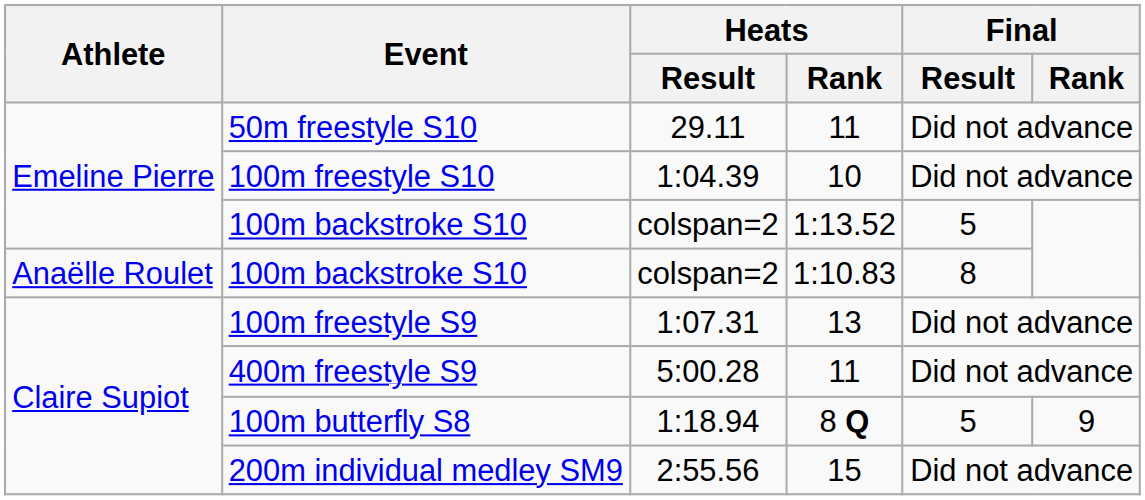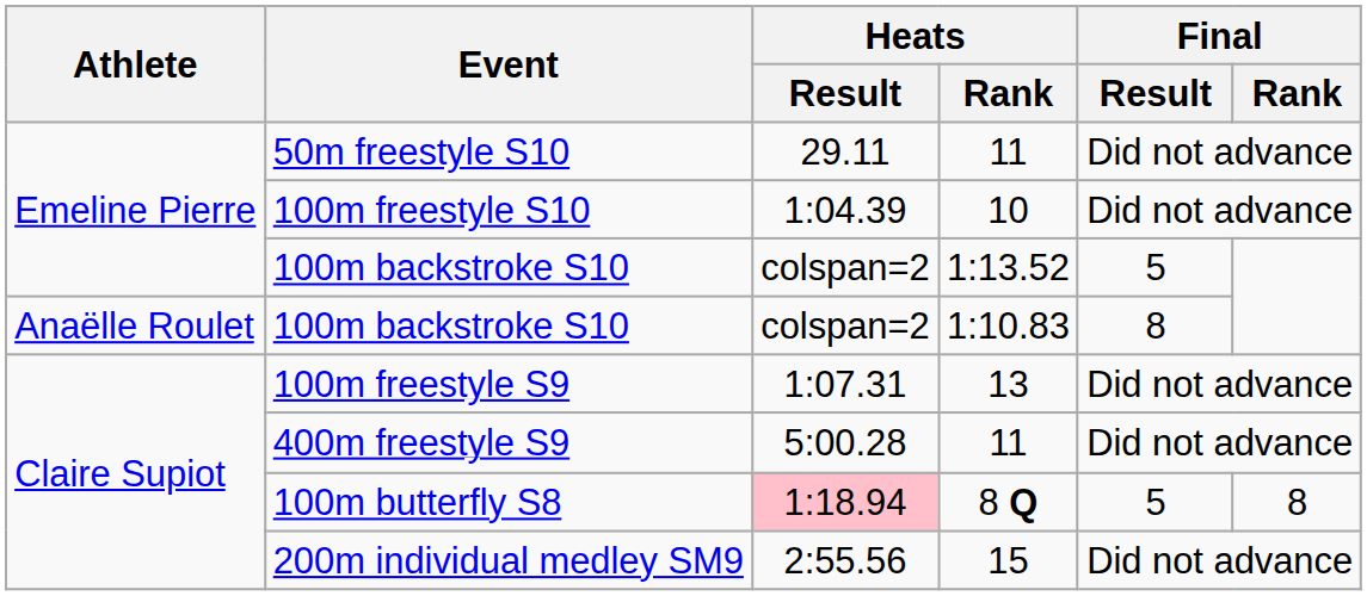 <table class=wikitable style="font-size:95%">
 <tr>
 <th rowspan="2">Athlete</th>
 <th rowspan="2">Event</th>
 <th colspan="2">Heats</th>
 <th colspan="2">Final</th>
 </tr>
 <tr>
 <th>Result</th>
 <th>Rank</th>
 <th>Result</th>
 <th>Rank</th>
 </tr>
 <tr align=center>
 <td align=left rowspan=3><a href='#'>Emeline Pierre</a></td>
 <td align=left><a href='#'>50m freestyle S10</a></td>
 <td>29.11</td>
 <td>11</td>
 <td colspan=2>Did not advance</td>
 </tr>
 <tr align=center>
 <td align=left><a href='#'>100m freestyle S10</a></td>
 <td>1:04.39</td>
 <td>10</td>
 <td colspan=2>Did not advance</td>
 </tr>
 <tr align=center>
 <td align=left><a href='#'>100m backstroke S10</a></td>
 <td>colspan=2 </td>
 <td>1:13.52</td>
 <td>5</td>
 </tr>
 <tr align=center>
 <td align=left><a href='#'>Anaëlle Roulet</a></td>
 <td align=left><a href='#'>100m backstroke S10</a></td>
 <td>colspan=2 </td>
 <td>1:10.83</td>
 <td>8</td>
 </tr>
 <tr align=center>
 <td align=left rowspan=4><a href='#'>Claire Supiot</a></td>
 <td align=left><a href='#'>100m freestyle S9</a></td>
 <td>1:07.31</td>
 <td>13</td>
 <td colspan=2>Did not advance</td>
 </tr>
 <tr align=center>
 <td align=left><a href='#'>400m freestyle S9</a></td>
 <td>5:00.28</td>
 <td>11</td>
 <td colspan=2>Did not advance</td>
 </tr>
 <tr align=center>
 <td align=left><a href='#'>100m butterfly S8</a></td>
-<td>1:18.94</td>
+<td style="background: pink;">1:18.94</td>
 <td>8 <strong>Q</strong></td>
 <td>5</td>
-<td>9</td>
+<td>8</td>
 </tr>
 <tr align=center>
 <td align=left><a href='#'>200m individual medley SM9</a></td>
 <td>2:55.56</td>
 <td>15</td>
 <td colspan=2>Did not advance</td>
 </tr>
 </table>
